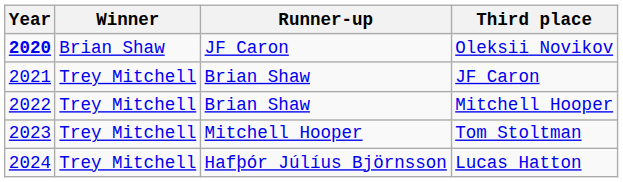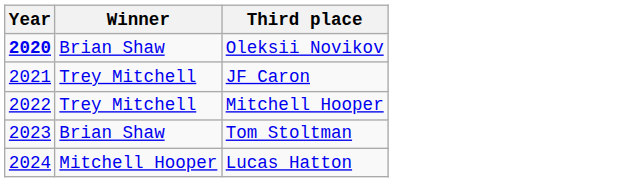 <table class="wikitable sortable" style="display: inline-table;">
 <tr>
 <th>Year</th>
 <th>Winner</th>
-<th>Runner-up</th>
 <th>Third place</th>
 </tr>
 <tr>
 <td><strong><a href='#'>2020</a></strong></td>
 <td> <a href='#'>Brian Shaw</a></td>
-<td> <a href='#'>JF Caron</a></td>
 <td> <a href='#'>Oleksii Novikov</a></td>
 </tr>
 <tr>
 <td><a href='#'>2021</a></td>
 <td> <a href='#'>Trey Mitchell</a></td>
-<td> <a href='#'>Brian Shaw</a></td>
 <td> <a href='#'>JF Caron</a></td>
 </tr>
 <tr>
 <td><a href='#'>2022</a></td>
 <td> <a href='#'>Trey Mitchell</a></td>
-<td> <a href='#'>Brian Shaw</a></td>
 <td> <a href='#'>Mitchell Hooper</a></td>
 </tr>
 <tr>
 <td><a href='#'>2023</a></td>
-<td> <a href='#'>Trey Mitchell</a></td>
-<td> <a href='#'>Mitchell Hooper</a></td>
+<td> <a href='#'>Brian Shaw</a></td>
 <td> <a href='#'>Tom Stoltman</a></td>
 </tr>
 <tr>
 <td><a href='#'>2024</a></td>
-<td> <a href='#'>Trey Mitchell</a></td>
-<td> <a href='#'>Hafþór Júlíus Björnsson</a></td>
+<td> <a href='#'>Mitchell Hooper</a></td>
 <td> <a href='#'>Lucas Hatton</a></td>
 </tr>
 </table>
